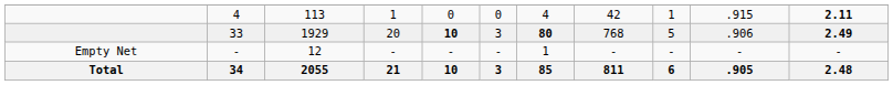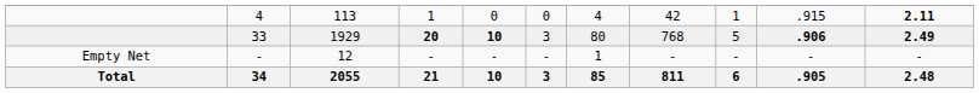 <table class="wikitable sortable" width ="1000">
 <tr align="center">
 </tr>
 <tr align="center" bgcolor="">
 <td></td>
 <td>4</td>
 <td>113</td>
 <td>1</td>
 <td>0</td>
 <td>0</td>
 <td>4</td>
 <td>42</td>
 <td>1</td>
 <td>.915</td>
 <td><strong>2.11</strong></td>
 </tr>
 <tr align="center" bgcolor="f0f0f0">
 <td></td>
 <td>33</td>
 <td>1929</td>
-<td>20</td>
+<td><strong>20</strong></td>
 <td><strong>10</strong></td>
 <td>3</td>
-<td><strong>80</strong></td>
+<td>80</td>
 <td>768</td>
 <td>5</td>
-<td>.906</td>
+<td><strong>.906</strong></td>
 <td><strong>2.49</strong></td>
 </tr>
 <tr align="center" bgcolor="">
 <td>Empty Net</td>
 <td>-</td>
 <td>12</td>
 <td>-</td>
 <td>-</td>
 <td>-</td>
 <td>1</td>
 <td>-</td>
 <td>-</td>
 <td>-</td>
 <td>-</td>
 </tr>
 <tr>
 <th>Total</th>
 <th>34</th>
 <th>2055</th>
 <th>21</th>
 <th>10</th>
 <th>3</th>
 <th>85</th>
 <th>811</th>
 <th>6</th>
 <th>.905</th>
 <th>2.48</th>
 </tr>
 </table>
